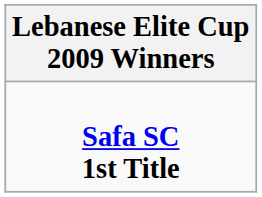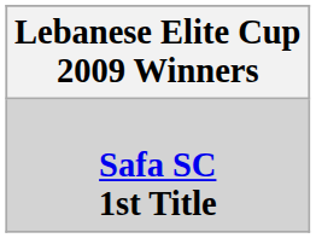 <table class="wikitable" style="text-align: center; margin: 0 auto;">
 <tr>
 <th>Lebanese Elite Cup <br>2009 Winners</th>
 </tr>
 <tr>
-<td><br><strong><a href='#'>Safa SC</a></strong><br><strong>1st Title</strong></td>
+<td style="background: lightgrey;"><br><strong><a href='#'>Safa SC</a></strong><br><strong>1st Title</strong></td>
 </tr>
 </table>
